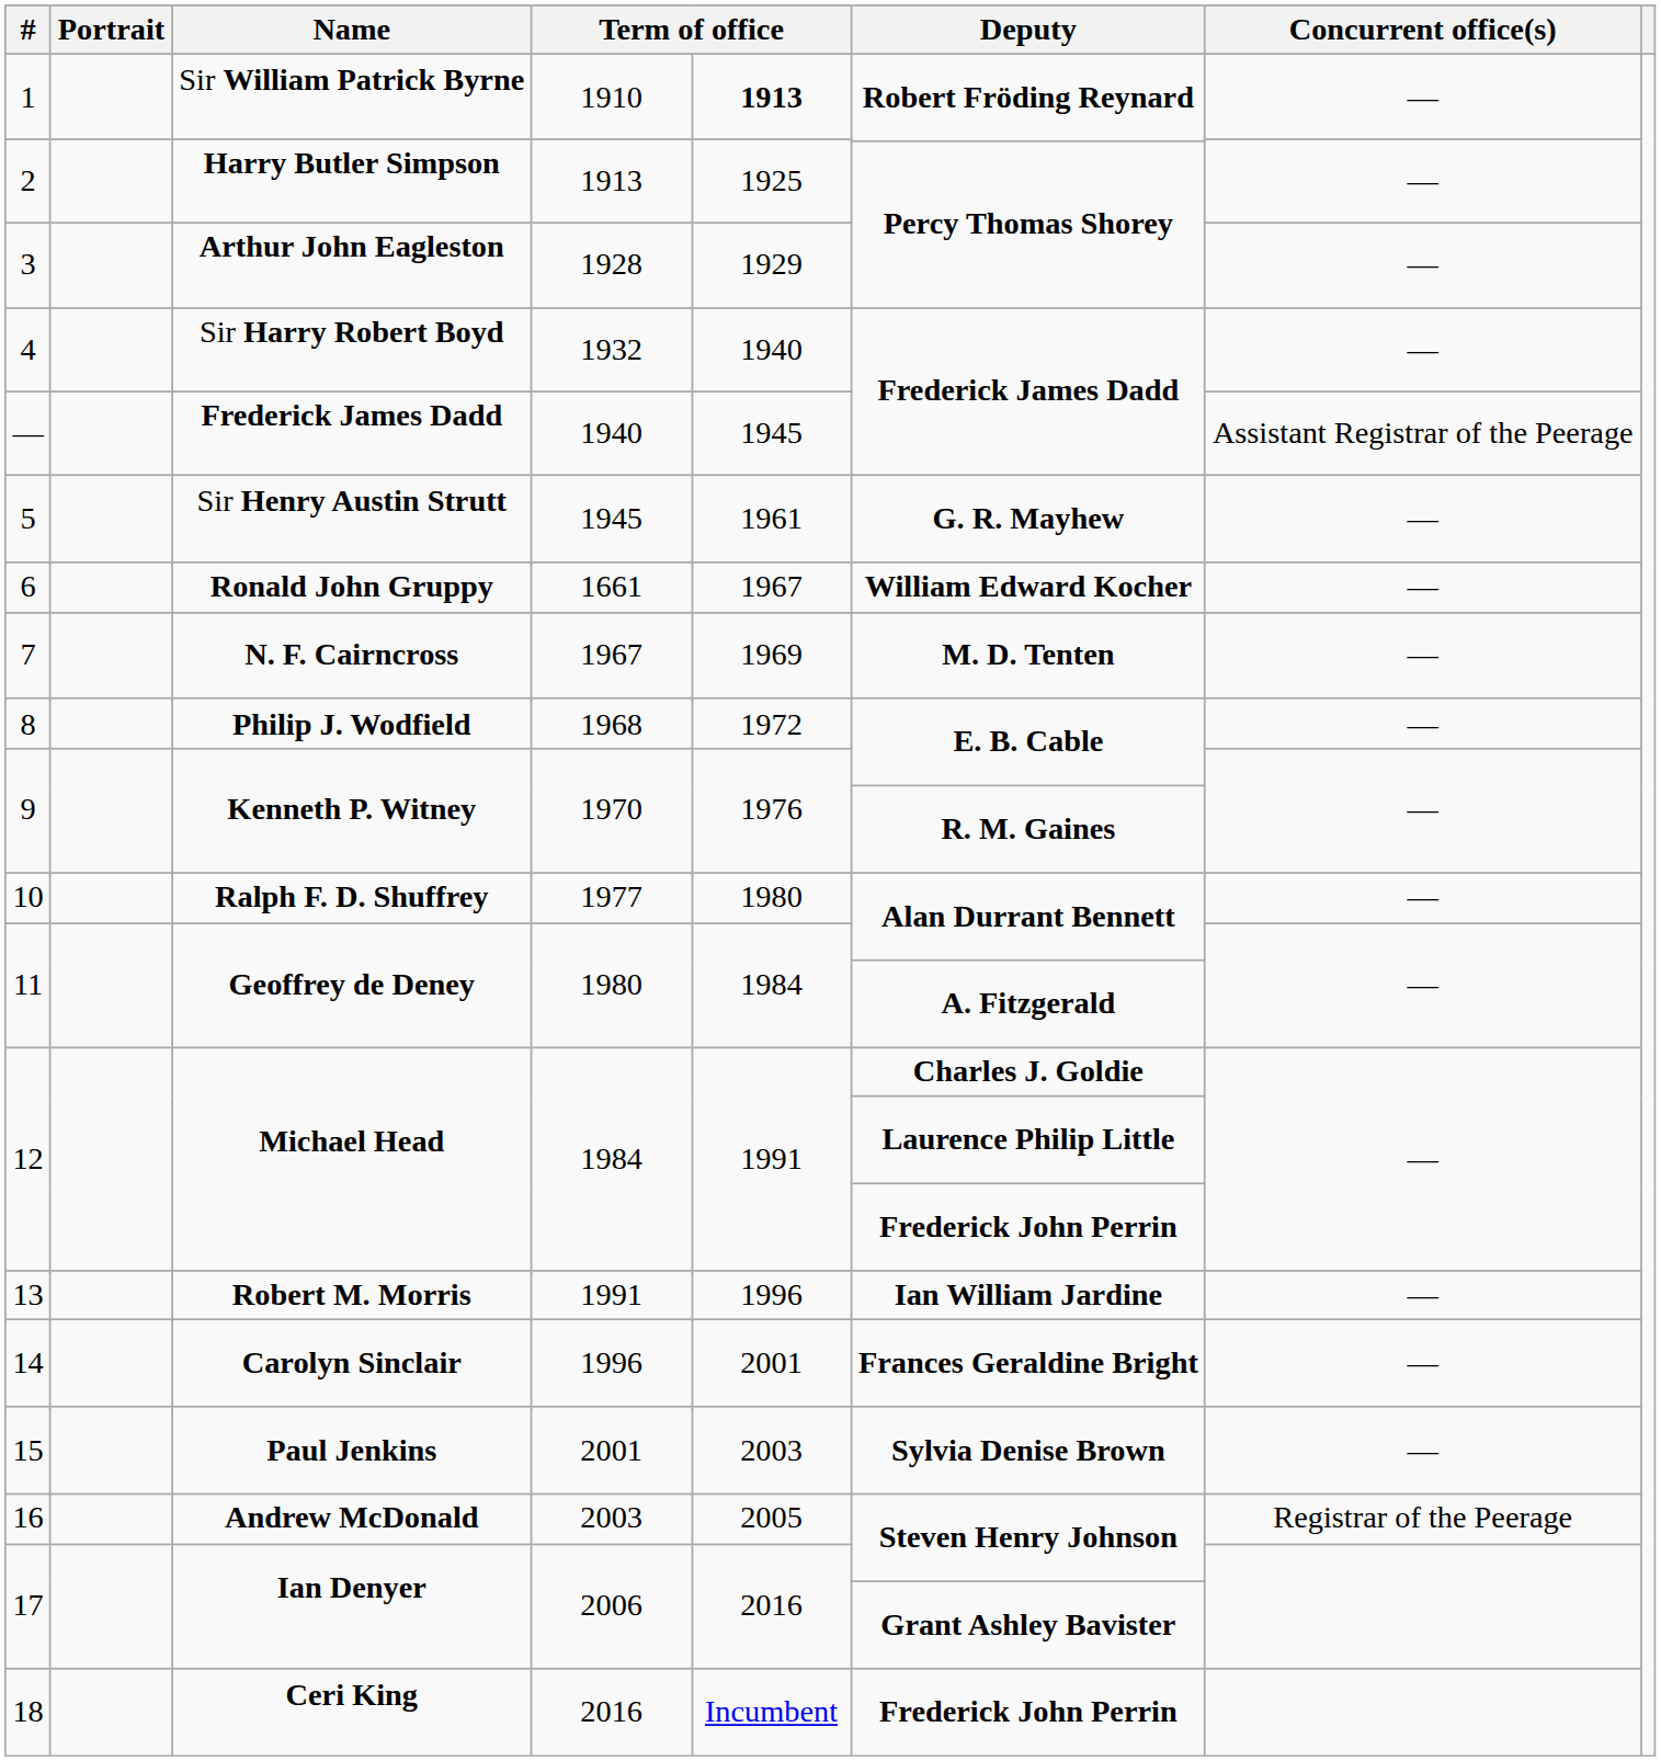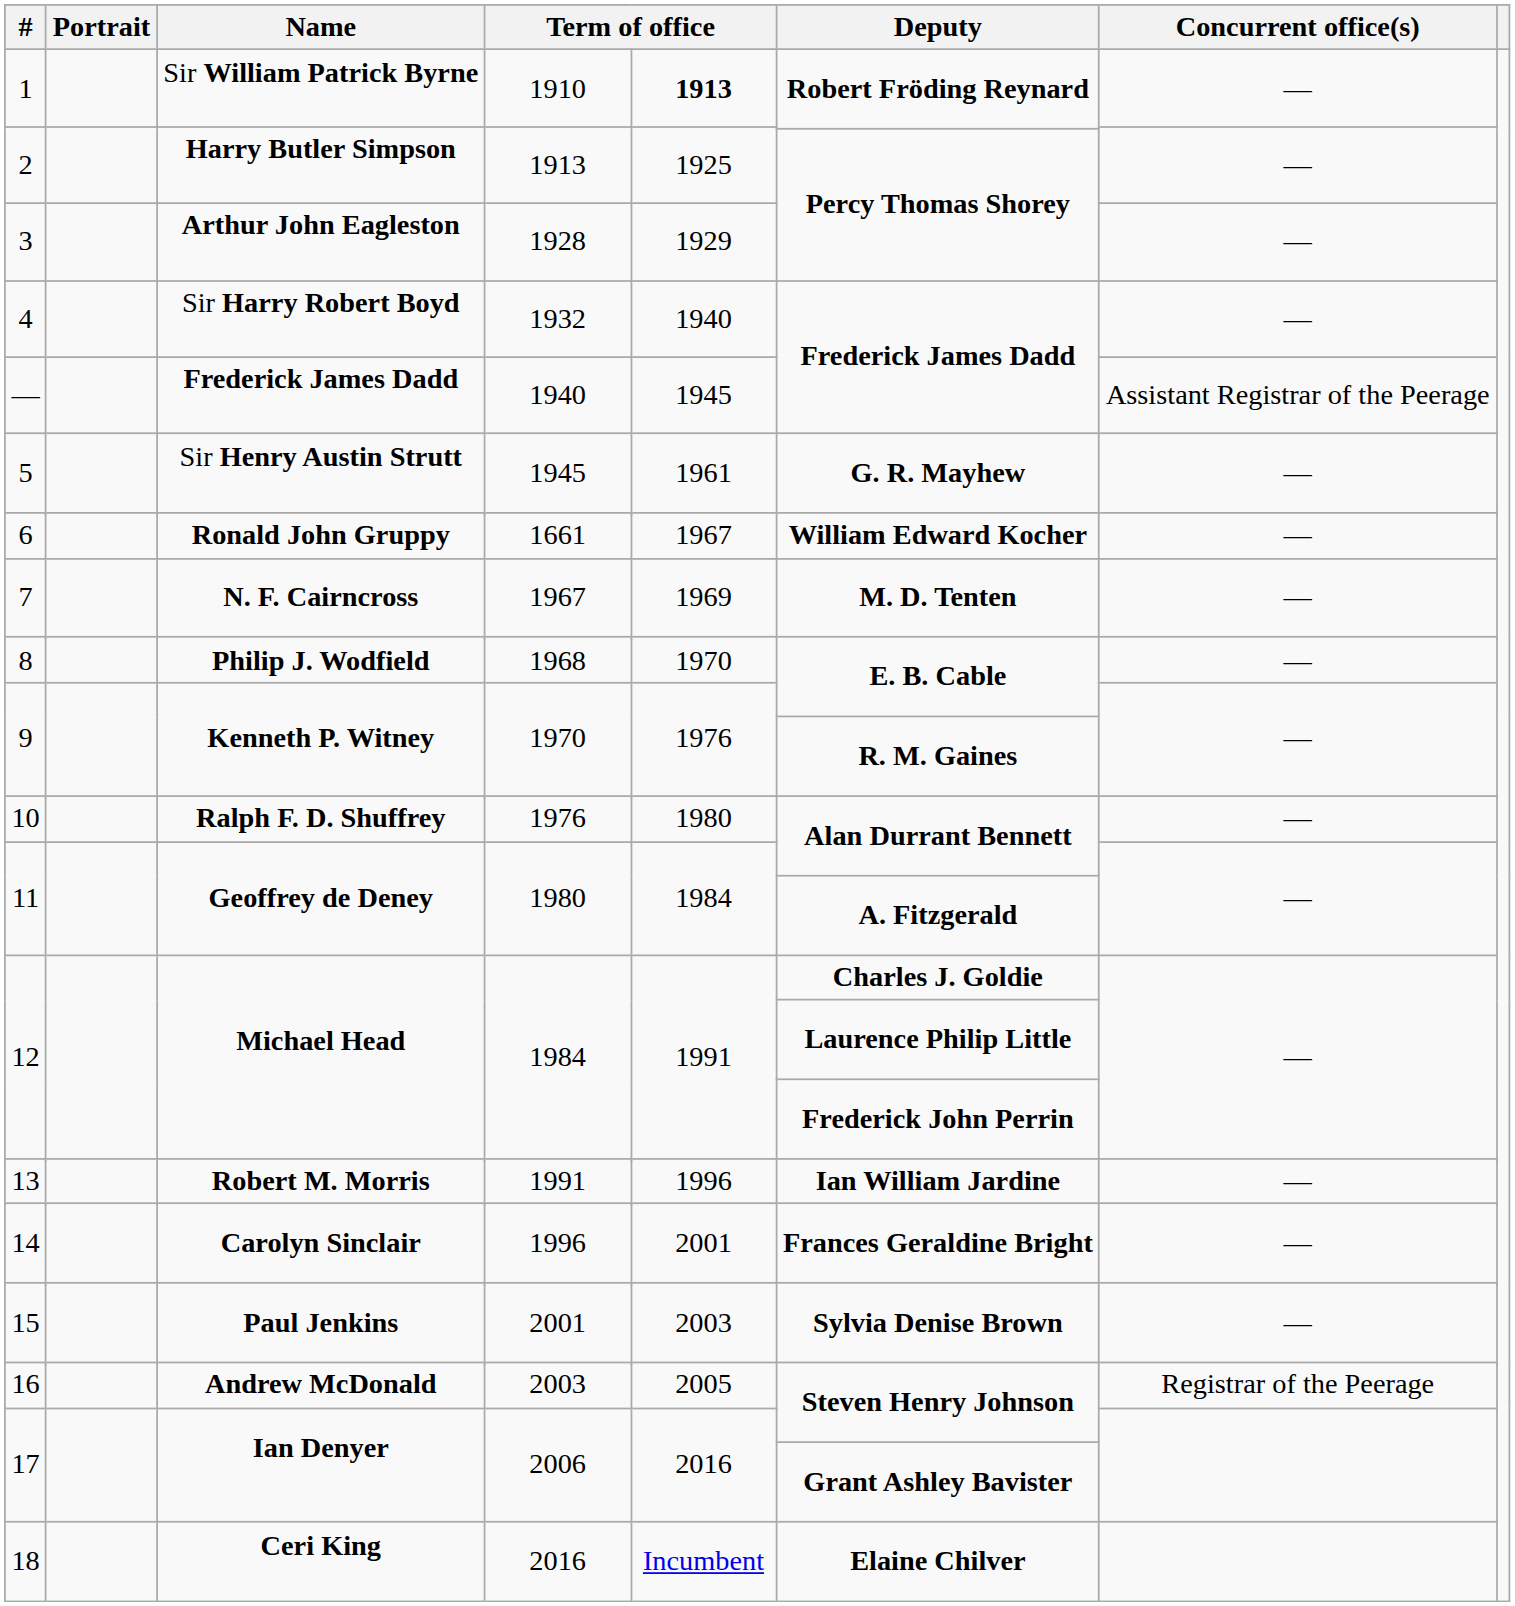 <table class="wikitable plainrowheaders" style="text-align:center;">
 <tr>
 <th>#</th>
 <th>Portrait</th>
 <th>Name<br></th>
 <th colspan=2 width=75 style="min-width:75px;">Term of office</th>
 <th>Deputy</th>
 <th>Concurrent office(s)</th>
 <th></th>
 </tr>
 <tr>
 <td>1</td>
 <td></td>
 <td>Sir <strong>William Patrick Byrne</strong><br><small></small><br></td>
 <td width=75 style="min-width:75px;">1910</td>
 <td width=75 style="min-width:75px;"><strong>1913</strong></td>
 <td rowspan=2 height=37.5 style="min-height:37.5px;"><strong>Robert Fröding Reynard</strong><br><small></small></td>
 <td>—</td>
 <td rowspan=36></td>
 </tr>
 <tr>
 <td rowspan=2>2</td>
 <td rowspan=2></td>
 <td rowspan=2><strong>Harry Butler Simpson</strong><br><small></small><br></td>
 <td rowspan=2>1913</td>
 <td rowspan=2>1925</td>
 <td rowspan=2>—</td>
 </tr>
 <tr>
 <td rowspan=3 height=37.5 style="min-height:37.5px;"><strong>Percy Thomas Shorey</strong><br><small></small></td>
 </tr>
 <tr>
 <td>3</td>
 <td></td>
 <td><strong>Arthur John Eagleston</strong><br><small></small><br></td>
 <td>1928</td>
 <td>1929</td>
 <td>—</td>
 </tr>
 <tr>
 <td rowspan=2>4</td>
 <td rowspan=2></td>
 <td rowspan=2>Sir <strong>Harry Robert Boyd</strong><br><small></small><br></td>
 <td rowspan=2>1932</td>
 <td rowspan=2>1940</td>
 <td rowspan=2>—</td>
 </tr>
 <tr>
 <td rowspan=3 height=37.5 style="min-height:37.5px;"><strong>Frederick James Dadd</strong><br><small></small></td>
 </tr>
 <tr>
 <td>—</td>
 <td></td>
 <td><strong>Frederick James Dadd</strong><br><small></small><br></td>
 <td>1940</td>
 <td>1945</td>
 <td>Assistant Registrar of the Peerage</td>
 </tr>
 <tr>
 <td rowspan=3>5</td>
 <td rowspan=3></td>
 <td rowspan=3>Sir <strong>Henry Austin Strutt</strong><br><small></small><br></td>
 <td rowspan=3>1945</td>
 <td rowspan=3>1961</td>
 <td rowspan=3>—</td>
 </tr>
 <tr>
 <td height=37.5 style="min-height:37.5px;"><strong>G. R. Mayhew</strong></td>
 </tr>
 <tr>
 <td rowspan=2><strong>William Edward Kocher</strong></td>
 </tr>
 <tr>
 <td rowspan=2>6</td>
 <td rowspan=2></td>
 <td rowspan=2><strong>Ronald John Gruppy</strong><br></td>
 <td rowspan=2>1661</td>
 <td rowspan=2>1967</td>
 <td rowspan=2>—</td>
 </tr>
 <tr>
 <td rowspan=2 height=37.5 style="min-height:37.5px;"><strong>M. D. Tenten</strong></td>
 </tr>
 <tr>
 <td rowspan=2>7</td>
 <td rowspan=2></td>
 <td rowspan=2><strong>N. F. Cairncross</strong><br></td>
 <td rowspan=2>1967</td>
 <td rowspan=2>1969</td>
 <td rowspan=2>—</td>
 </tr>
 <tr>
 <td rowspan=3 height=37.5 style="min-height:37.5px;"><strong>E. B. Cable</strong></td>
 </tr>
 <tr>
 <td>8</td>
 <td></td>
 <td><strong>Philip J. Wodfield</strong><br></td>
 <td>1968</td>
-<td>1972</td>
+<td>1970</td>
 <td>—</td>
 </tr>
 <tr>
 <td rowspan=3>9</td>
 <td rowspan=3></td>
 <td rowspan=3><strong>Kenneth P. Witney</strong><br></td>
 <td rowspan=3>1970</td>
 <td rowspan=3>1976</td>
 <td rowspan=3>—</td>
 </tr>
 <tr>
 <td height=37.5 style="min-height:37.5px;"><strong>R. M. Gaines</strong></td>
 </tr>
 <tr>
 <td rowspan=3 height=37.5 style="min-height:37.5px;"><strong>Alan Durrant Bennett</strong><br><small></small></td>
 </tr>
 <tr>
 <td>10</td>
 <td></td>
 <td><strong>Ralph F. D. Shuffrey</strong><br></td>
-<td>1977</td>
+<td>1976</td>
 <td>1980</td>
 <td>—</td>
 </tr>
 <tr>
 <td rowspan=3>11</td>
 <td rowspan=3></td>
 <td rowspan=3><strong>Geoffrey de Deney</strong><br></td>
 <td rowspan=3>1980</td>
 <td rowspan=3>1984</td>
 <td rowspan=3>—</td>
 </tr>
 <tr>
 <td height=37.5 style="min-height:37.5px;"><strong>A. Fitzgerald</strong></td>
 </tr>
 <tr>
 <td rowspan=2><strong>Charles J. Goldie</strong></td>
 </tr>
 <tr>
 <td rowspan=4>12</td>
 <td rowspan=4></td>
 <td rowspan=4><strong>Michael Head</strong><br><small></small><br></td>
 <td rowspan=4>1984</td>
 <td rowspan=4>1991</td>
 <td rowspan=4>—</td>
 </tr>
 <tr>
 <td height=37.5 style="min-height:37.5px;"><strong>Laurence Philip Little</strong></td>
 </tr>
 <tr>
 <td height=37.5 style="min-height:37.5px;"><strong>Frederick John Perrin</strong></td>
 </tr>
 <tr>
 <td rowspan=2><strong>Ian William Jardine</strong></td>
 </tr>
 <tr>
 <td rowspan=2>13</td>
 <td rowspan=2></td>
 <td rowspan=2><strong>Robert M. Morris</strong><br></td>
 <td rowspan=2>1991</td>
 <td rowspan=2>1996</td>
 <td rowspan=2>—</td>
 </tr>
 <tr>
 <td rowspan=2 height=37.5 style="min-height:37.5px;"><strong>Frances Geraldine Bright</strong></td>
 </tr>
 <tr>
 <td rowspan=2>14</td>
 <td rowspan=2></td>
 <td rowspan=2><strong>Carolyn Sinclair</strong><br></td>
 <td rowspan=2>1996</td>
 <td rowspan=2>2001</td>
 <td rowspan=2>—</td>
 </tr>
 <tr>
 <td rowspan=2 height=37.5 style="min-height:37.5px;"><strong>Sylvia Denise Brown</strong></td>
 </tr>
 <tr>
 <td rowspan=2>15</td>
 <td rowspan=2></td>
 <td rowspan=2><strong>Paul Jenkins</strong><br></td>
 <td rowspan=2>2001</td>
 <td rowspan=2>2003</td>
 <td rowspan=2>—</td>
 </tr>
 <tr>
 <td rowspan=3 height=37.5 style="min-height:37.5px;"><strong>Steven Henry Johnson</strong></td>
 </tr>
 <tr>
 <td>16</td>
 <td></td>
 <td><strong>Andrew McDonald</strong><br></td>
 <td>2003</td>
 <td>2005</td>
 <td>Registrar of the Peerage</td>
 </tr>
 <tr>
 <td rowspan=2>17</td>
 <td rowspan=2></td>
 <td rowspan=2><strong>Ian Denyer</strong><br><small></small><br></td>
 <td rowspan=2>2006</td>
 <td rowspan=2>2016</td>
 <td rowspan=2 style="padding-bottom:0.5em; padding-right:1em; text-align:left"></td>
 </tr>
 <tr>
 <td height=37.5 style="min-height:37.5px;"><strong>Grant Ashley Bavister</strong></td>
 </tr>
 <tr>
 <td>18</td>
 <td></td>
 <td><strong>Ceri King</strong><br><small></small><br></td>
 <td>2016</td>
 <td><a href='#'>Incumbent</a></td>
-<td height=37.5 style="min-height:37.5px;"><strong>Frederick John Perrin</strong></td>
+<td height=37.5 style="min-height:37.5px;"><strong>Elaine Chilver</strong></td>
 <td style="padding-bottom:0.5em; padding-right:1em; text-align:left"></td>
 </tr>
 </table>
